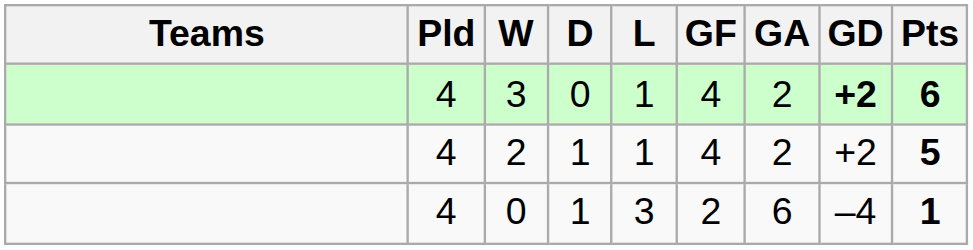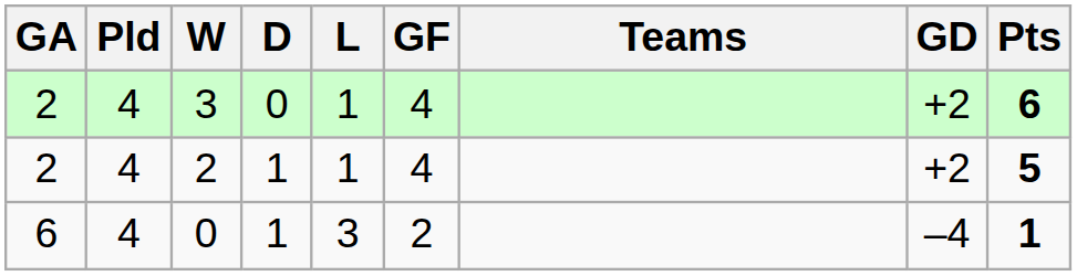 <table class="wikitable" style="text-align: center;">
 <tr>
-<th width=165>Teams</th>
+<th width=20>GA</th>
 <th width=20>Pld</th>
 <th width=20>W</th>
 <th width=20>D</th>
 <th width=20>L</th>
 <th width=20>GF</th>
-<th width=20>GA</th>
+<th width=165>Teams</th>
 <th width=20>GD</th>
 <th width=20>Pts</th>
 </tr>
 <tr align=center style="background:#ccffcc;">
-<td style="text-align:left;"></td>
+<td>2</td>
 <td>4</td>
 <td>3</td>
 <td>0</td>
 <td>1</td>
 <td>4</td>
-<td>2</td>
-<td><strong>+2</strong></td>
+<td style="text-align:left;"></td>
+<td>+2</td>
 <td><strong>6</strong></td>
 </tr>
 <tr align=center>
-<td style="text-align:left;"></td>
+<td>2</td>
 <td>4</td>
 <td>2</td>
 <td>1</td>
 <td>1</td>
 <td>4</td>
-<td>2</td>
+<td style="text-align:left;"></td>
 <td>+2</td>
 <td><strong>5</strong></td>
 </tr>
 <tr align=center>
-<td style="text-align:left;"></td>
+<td>6</td>
 <td>4</td>
 <td>0</td>
 <td>1</td>
 <td>3</td>
 <td>2</td>
-<td>6</td>
+<td style="text-align:left;"></td>
 <td>–4</td>
 <td><strong>1</strong></td>
 </tr>
 </table>
